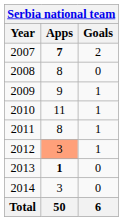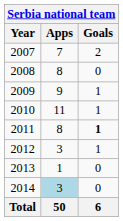 <table class="wikitable" style="text-align:center">
 <tr>
 <th colspan="3"><a href='#'>Serbia national team</a></th>
 </tr>
 <tr>
 <th>Year</th>
 <th>Apps</th>
 <th>Goals</th>
 </tr>
 <tr>
 <td>2007</td>
-<td><strong>7</strong></td>
+<td>7</td>
 <td>2</td>
 </tr>
 <tr>
 <td>2008</td>
 <td>8</td>
 <td>0</td>
 </tr>
 <tr>
 <td>2009</td>
 <td>9</td>
 <td>1</td>
 </tr>
 <tr>
 <td>2010</td>
 <td>11</td>
 <td>1</td>
 </tr>
 <tr>
 <td>2011</td>
 <td>8</td>
-<td>1</td>
+<td><strong>1</strong></td>
 </tr>
 <tr>
 <td>2012</td>
-<td style="background: lightsalmon;">3</td>
+<td>3</td>
 <td>1</td>
 </tr>
 <tr>
 <td>2013</td>
-<td><strong>1</strong></td>
+<td>1</td>
 <td>0</td>
 </tr>
 <tr>
 <td>2014</td>
-<td>3</td>
+<td style="background: lightblue;">3</td>
 <td>0</td>
 </tr>
 <tr>
 <th>Total</th>
 <th>50</th>
 <th>6</th>
 </tr>
 </table>
